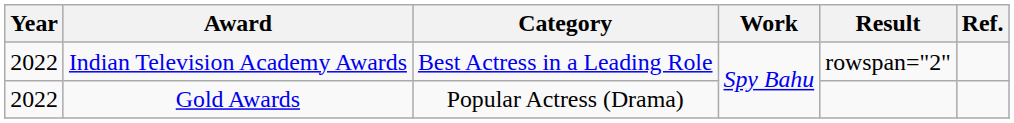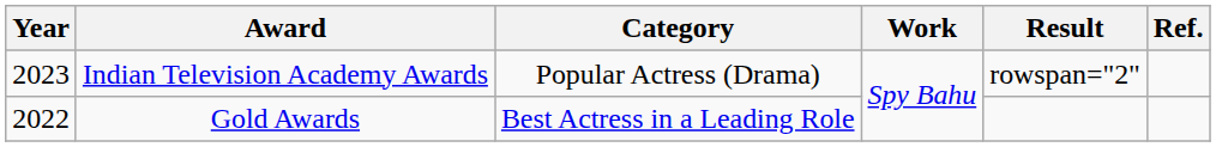 <table class="wikitable" style="text-align:center;">
 <tr>
 <th>Year</th>
 <th>Award</th>
 <th>Category</th>
 <th>Work</th>
 <th>Result</th>
 <th>Ref.</th>
 </tr>
 <tr>
-<td>2022</td>
+<td>2023</td>
 <td><a href='#'>Indian Television Academy Awards</a></td>
-<td><a href='#'>Best Actress in a Leading Role</a></td>
+<td>Popular Actress (Drama)</td>
 <td rowspan="2"><em><a href='#'>Spy Bahu</a></em></td>
 <td>rowspan="2"</td>
 <td></td>
 </tr>
 <tr>
 <td>2022</td>
 <td><a href='#'>Gold Awards</a></td>
-<td>Popular Actress (Drama)</td>
+<td><a href='#'>Best Actress in a Leading Role</a></td>
 <td></td>
 </tr>
 </table>
